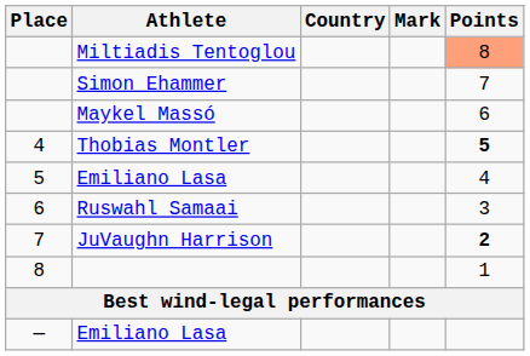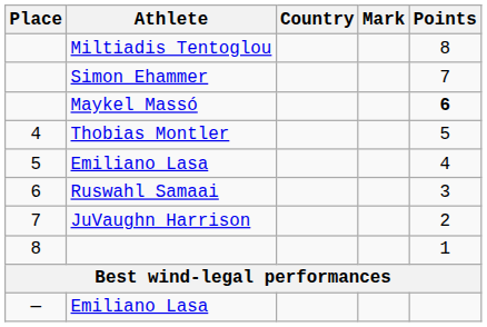 <table class="wikitable">
 <tr>
 <th>Place</th>
 <th>Athlete</th>
 <th>Country</th>
 <th>Mark</th>
 <th>Points</th>
 </tr>
 <tr>
 <td align=center></td>
 <td><a href='#'>Miltiadis Tentoglou</a></td>
 <td></td>
 <td> </td>
-<td align=center style="background: lightsalmon;">8</td>
+<td align=center>8</td>
 </tr>
 <tr>
 <td align=center></td>
 <td><a href='#'>Simon Ehammer</a></td>
 <td></td>
 <td> </td>
 <td align=center>7</td>
 </tr>
 <tr>
 <td align=center></td>
 <td><a href='#'>Maykel Massó</a></td>
 <td></td>
 <td> </td>
-<td align=center>6</td>
+<td align=center><strong>6</strong></td>
 </tr>
 <tr>
 <td align=center>4</td>
 <td><a href='#'>Thobias Montler</a></td>
 <td></td>
 <td> </td>
-<td align=center><strong>5</strong></td>
+<td align=center>5</td>
 </tr>
 <tr>
 <td align=center>5</td>
 <td><a href='#'>Emiliano Lasa</a></td>
 <td></td>
 <td> </td>
 <td align=center>4</td>
 </tr>
 <tr>
 <td align=center>6</td>
 <td><a href='#'>Ruswahl Samaai</a></td>
 <td></td>
 <td> </td>
 <td align=center>3</td>
 </tr>
 <tr>
 <td align=center>7</td>
 <td><a href='#'>JuVaughn Harrison</a></td>
 <td></td>
 <td> </td>
-<td align=center><strong>2</strong></td>
+<td align=center>2</td>
 </tr>
 <tr>
 <td align=center>8</td>
 <td></td>
 <td></td>
 <td> </td>
 <td align=center>1</td>
 </tr>
 <tr>
 <th align=center colspan=5>Best wind-legal performances</th>
 </tr>
 <tr>
 <td align=center>—</td>
 <td><a href='#'>Emiliano Lasa</a></td>
 <td></td>
 <td> </td>
 <td align=center></td>
 </tr>
 </table>
